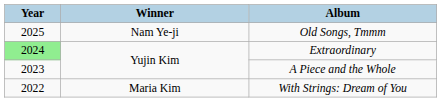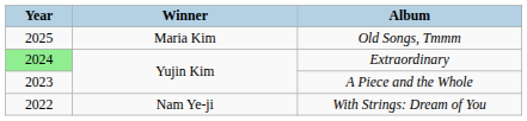 <table class="wikitable" style="text-align: center">
 <tr>
 <th width="70" style="background:#b3d1e3; ">Year</th>
 <th width="250" style="background:#b3d1e3; ">Winner</th>
 <th width="250" style="background:#b3d1e3; ">Album</th>
 </tr>
 <tr>
 <td>2025</td>
-<td>Nam Ye-ji</td>
+<td>Maria Kim</td>
 <td><em>Old Songs, Tmmm</em></td>
 </tr>
 <tr>
 <td style="background: lightgreen;">2024</td>
 <td rowspan="2">Yujin Kim</td>
 <td><em>Extraordinary</em></td>
 </tr>
 <tr>
 <td>2023</td>
 <td><em>A Piece and the Whole</em></td>
 </tr>
 <tr>
 <td>2022</td>
-<td>Maria Kim</td>
+<td>Nam Ye-ji</td>
 <td><em>With Strings: Dream of You</em></td>
 </tr>
 </table>
